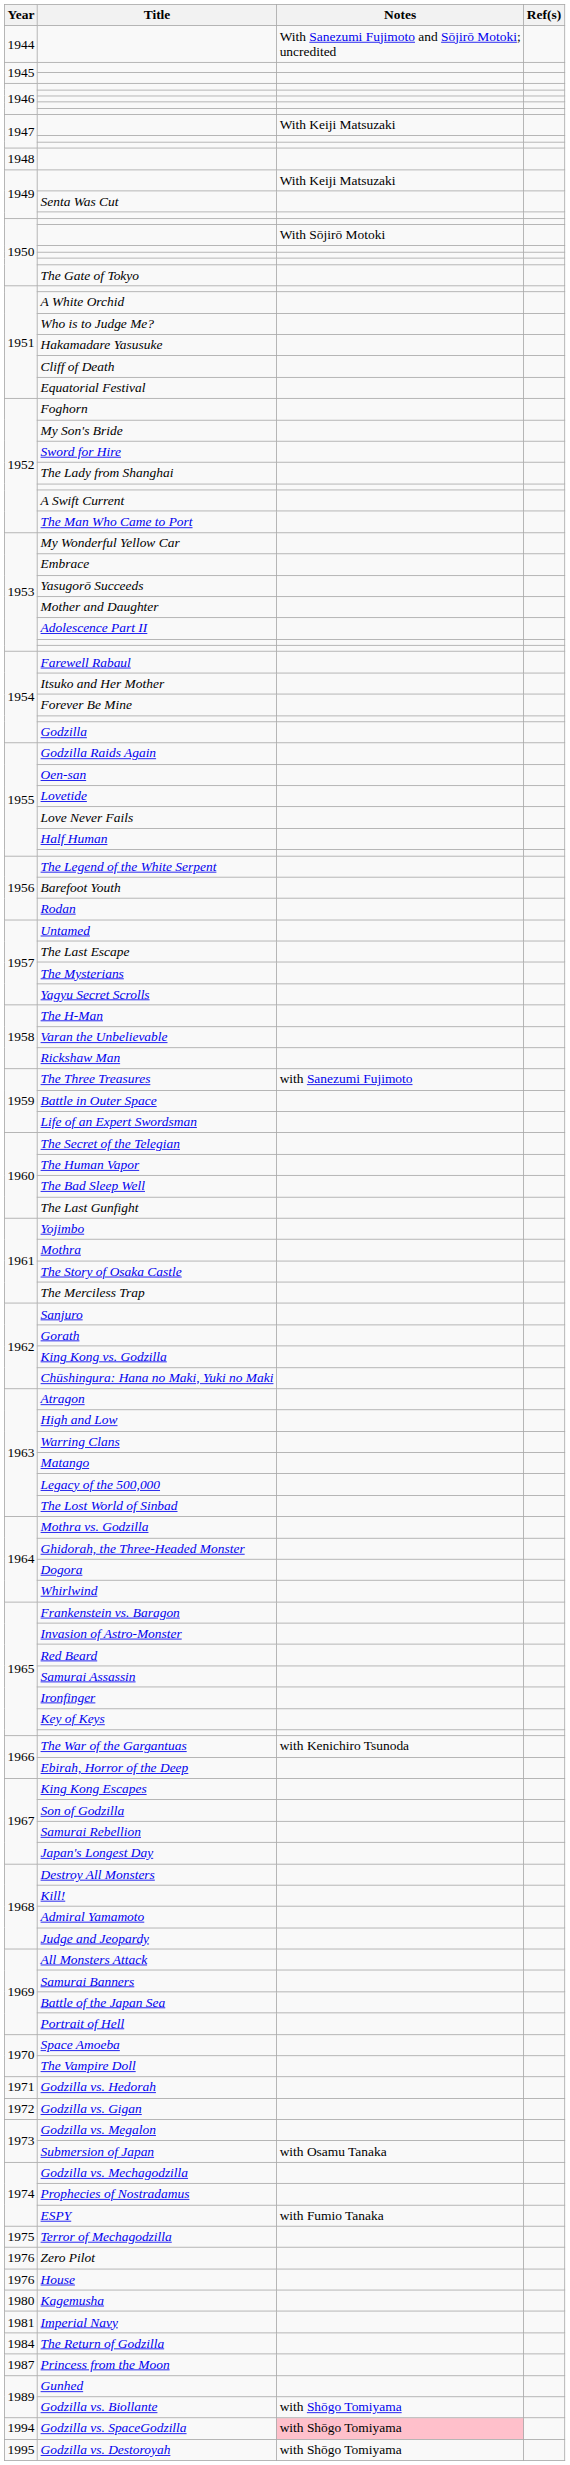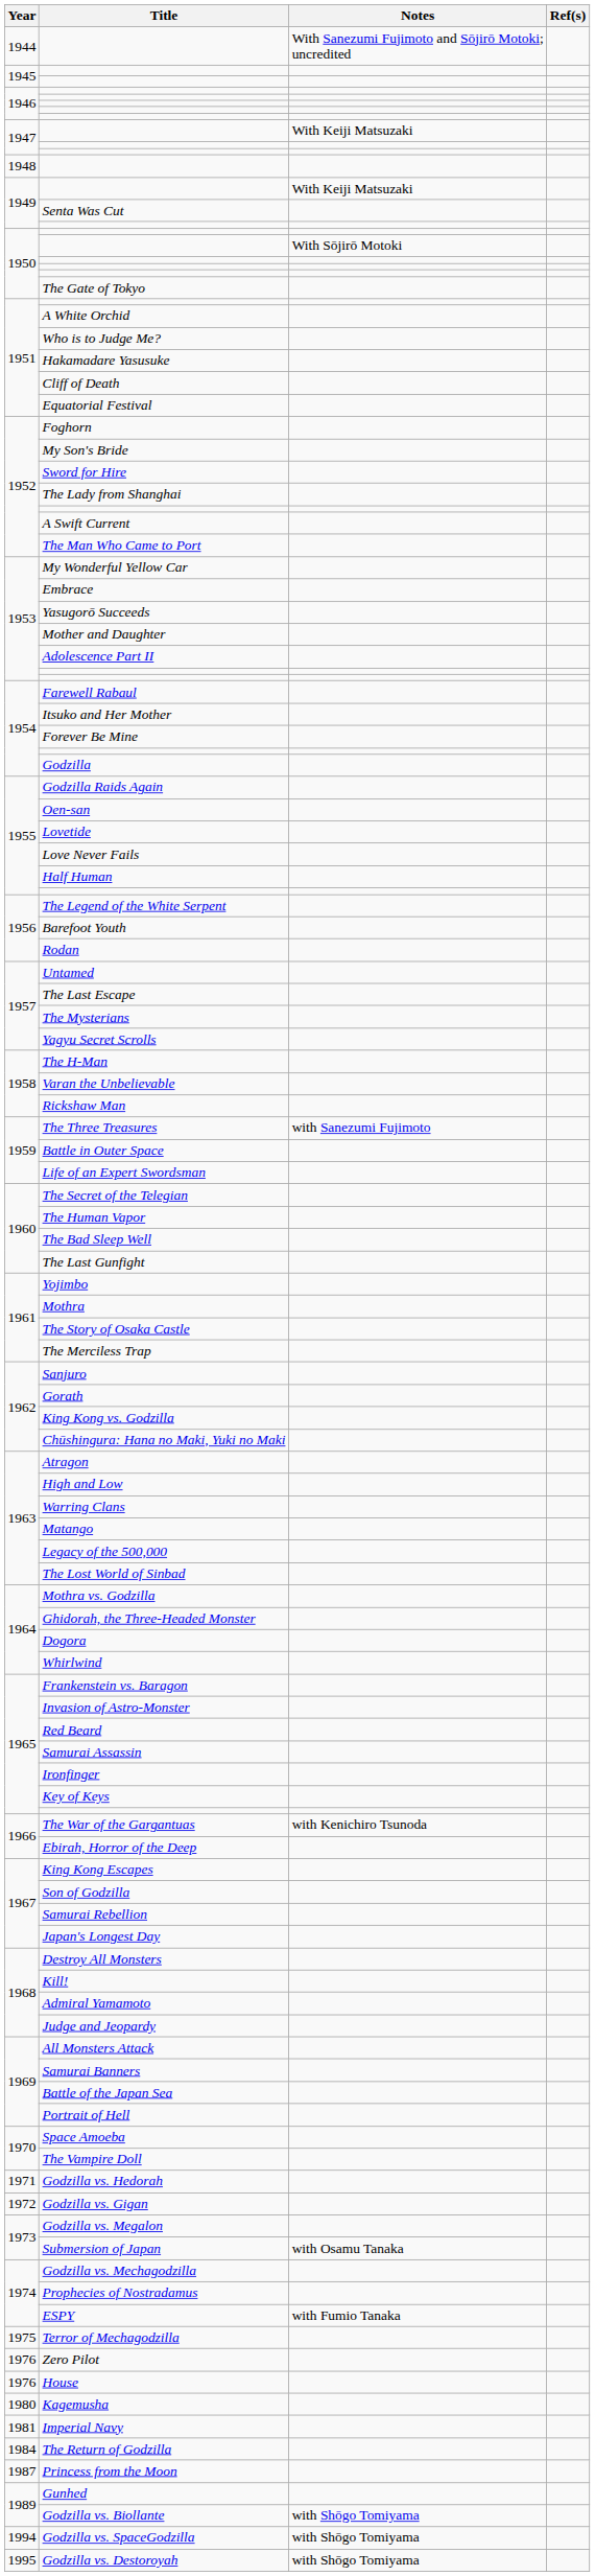 <table class="wikitable" border="1" style="font-size: 100%;">
 <tr>
 <th>Year</th>
 <th>Title</th>
 <th>Notes</th>
 <th>Ref(s)</th>
 </tr>
 <tr>
 <td>1944</td>
 <td></td>
 <td>With <a href='#'>Sanezumi Fujimoto</a> and <a href='#'>Sōjirō Motoki</a>;<br>uncredited</td>
 <td></td>
 </tr>
 <tr>
 <td rowspan=2>1945</td>
 <td></td>
 <td></td>
 <td></td>
 </tr>
 <tr>
 <td></td>
 <td></td>
 <td></td>
 </tr>
 <tr>
 <td rowspan=5>1946</td>
 <td></td>
 <td></td>
 <td></td>
 </tr>
 <tr>
 <td></td>
 <td></td>
 <td></td>
 </tr>
 <tr>
 <td></td>
 <td></td>
 <td></td>
 </tr>
 <tr>
 <td></td>
 <td></td>
 <td></td>
 </tr>
 <tr>
 <td></td>
 <td></td>
 <td></td>
 </tr>
 <tr>
 <td rowspan=3>1947</td>
 <td></td>
 <td>With Keiji Matsuzaki</td>
 <td></td>
 </tr>
 <tr>
 <td></td>
 <td></td>
 <td></td>
 </tr>
 <tr>
 <td></td>
 <td></td>
 <td></td>
 </tr>
 <tr>
 <td>1948</td>
 <td></td>
 <td></td>
 <td></td>
 </tr>
 <tr>
 <td rowspan="3">1949</td>
 <td></td>
 <td>With Keiji Matsuzaki</td>
 <td></td>
 </tr>
 <tr>
 <td><em>Senta Was Cut</em></td>
 <td></td>
 <td></td>
 </tr>
 <tr>
 <td></td>
 <td></td>
 <td></td>
 </tr>
 <tr>
 <td rowspan="6">1950</td>
 <td></td>
 <td></td>
 <td></td>
 </tr>
 <tr>
 <td></td>
 <td>With Sōjirō Motoki</td>
 <td></td>
 </tr>
 <tr>
 <td></td>
 <td></td>
 <td></td>
 </tr>
 <tr>
 <td></td>
 <td></td>
 <td></td>
 </tr>
 <tr>
 <td></td>
 <td></td>
 <td></td>
 </tr>
 <tr>
 <td><em>The Gate of Tokyo</em></td>
 <td></td>
 <td></td>
 </tr>
 <tr>
 <td rowspan=6>1951</td>
 <td><em></em></td>
 <td></td>
 <td></td>
 </tr>
 <tr>
 <td><em>A White Orchid</em></td>
 <td></td>
 <td></td>
 </tr>
 <tr>
 <td><em>Who is to Judge Me?</em></td>
 <td></td>
 <td></td>
 </tr>
 <tr>
 <td><em>Hakamadare Yasusuke</em></td>
 <td></td>
 <td></td>
 </tr>
 <tr>
 <td><em>Cliff of Death</em></td>
 <td></td>
 <td></td>
 </tr>
 <tr>
 <td><em>Equatorial Festival</em></td>
 <td></td>
 <td></td>
 </tr>
 <tr>
 <td rowspan=7>1952</td>
 <td><em>Foghorn</em></td>
 <td></td>
 <td></td>
 </tr>
 <tr>
 <td><em>My Son's Bride</em></td>
 <td></td>
 <td></td>
 </tr>
 <tr>
 <td><em><a href='#'>Sword for Hire</a></em></td>
 <td></td>
 <td></td>
 </tr>
 <tr>
 <td><em>The Lady from Shanghai</em></td>
 <td></td>
 <td></td>
 </tr>
 <tr>
 <td><em></em></td>
 <td></td>
 <td></td>
 </tr>
 <tr>
 <td><em>A Swift Current</em></td>
 <td></td>
 <td></td>
 </tr>
 <tr>
 <td><em><a href='#'>The Man Who Came to Port</a></em></td>
 <td></td>
 <td></td>
 </tr>
 <tr>
 <td rowspan=7>1953</td>
 <td><em>My Wonderful Yellow Car</em></td>
 <td></td>
 <td></td>
 </tr>
 <tr>
 <td><em>Embrace</em></td>
 <td></td>
 <td></td>
 </tr>
 <tr>
 <td><em>Yasugorō Succeeds</em></td>
 <td></td>
 <td></td>
 </tr>
 <tr>
 <td><em>Mother and Daughter</em></td>
 <td></td>
 <td></td>
 </tr>
 <tr>
 <td><em><a href='#'>Adolescence Part II</a></em></td>
 <td></td>
 <td></td>
 </tr>
 <tr>
 <td><em></em></td>
 <td></td>
 <td></td>
 </tr>
 <tr>
 <td><em></em></td>
 <td></td>
 <td></td>
 </tr>
 <tr>
 <td rowspan=5>1954</td>
 <td><em><a href='#'>Farewell Rabaul</a></em></td>
 <td></td>
 <td></td>
 </tr>
 <tr>
 <td><em>Itsuko and Her Mother</em></td>
 <td></td>
 <td></td>
 </tr>
 <tr>
 <td><em>Forever Be Mine</em></td>
 <td></td>
 <td></td>
 </tr>
 <tr>
 <td><em></em></td>
 <td></td>
 <td></td>
 </tr>
 <tr>
 <td><a href='#'><em>Godzilla</em></a></td>
 <td></td>
 <td></td>
 </tr>
 <tr>
 <td rowspan="6">1955</td>
 <td><em><a href='#'>Godzilla Raids Again</a></em></td>
 <td></td>
 <td></td>
 </tr>
 <tr>
 <td><em><a href='#'>Oen-san</a></em></td>
 <td></td>
 <td></td>
 </tr>
 <tr>
 <td><em><a href='#'>Lovetide</a></em></td>
 <td></td>
 <td></td>
 </tr>
 <tr>
 <td><em>Love Never Fails</em></td>
 <td></td>
 <td></td>
 </tr>
 <tr>
 <td><em><a href='#'>Half Human</a></em></td>
 <td></td>
 <td></td>
 </tr>
 <tr>
 <td><em></em></td>
 <td></td>
 <td></td>
 </tr>
 <tr>
 <td rowspan="3">1956</td>
 <td><em><a href='#'>The Legend of the White Serpent</a></em></td>
 <td></td>
 <td></td>
 </tr>
 <tr>
 <td><em>Barefoot Youth</em></td>
 <td></td>
 <td></td>
 </tr>
 <tr>
 <td><em><a href='#'>Rodan</a></em></td>
 <td></td>
 <td></td>
 </tr>
 <tr>
 <td rowspan=4>1957</td>
 <td><a href='#'><em>Untamed</em></a></td>
 <td></td>
 <td></td>
 </tr>
 <tr>
 <td><em>The Last Escape</em></td>
 <td></td>
 <td></td>
 </tr>
 <tr>
 <td><em><a href='#'>The Mysterians</a></em></td>
 <td></td>
 <td></td>
 </tr>
 <tr>
 <td><em><a href='#'>Yagyu Secret Scrolls</a></em></td>
 <td></td>
 <td></td>
 </tr>
 <tr>
 <td rowspan=3>1958</td>
 <td><em><a href='#'>The H-Man</a></em></td>
 <td></td>
 <td></td>
 </tr>
 <tr>
 <td><em><a href='#'>Varan the Unbelievable</a></em></td>
 <td></td>
 <td></td>
 </tr>
 <tr>
 <td><em><a href='#'>Rickshaw Man</a></em></td>
 <td></td>
 <td></td>
 </tr>
 <tr>
 <td rowspan=3>1959</td>
 <td><em><a href='#'>The Three Treasures</a></em></td>
 <td>with <a href='#'>Sanezumi Fujimoto</a></td>
 <td></td>
 </tr>
 <tr>
 <td><em><a href='#'>Battle in Outer Space</a></em></td>
 <td></td>
 <td></td>
 </tr>
 <tr>
 <td><em><a href='#'>Life of an Expert Swordsman</a></em></td>
 <td></td>
 <td></td>
 </tr>
 <tr>
 <td rowspan=4>1960</td>
 <td><em><a href='#'>The Secret of the Telegian</a></em></td>
 <td></td>
 <td></td>
 </tr>
 <tr>
 <td><em><a href='#'>The Human Vapor</a></em></td>
 <td></td>
 <td></td>
 </tr>
 <tr>
 <td><em><a href='#'>The Bad Sleep Well</a></em></td>
 <td></td>
 <td></td>
 </tr>
 <tr>
 <td><em>The Last Gunfight</em></td>
 <td></td>
 <td></td>
 </tr>
 <tr>
 <td rowspan=4>1961</td>
 <td><em><a href='#'>Yojimbo</a></em></td>
 <td></td>
 <td></td>
 </tr>
 <tr>
 <td><em><a href='#'>Mothra</a></em></td>
 <td></td>
 <td></td>
 </tr>
 <tr>
 <td><em><a href='#'>The Story of Osaka Castle</a></em></td>
 <td></td>
 <td></td>
 </tr>
 <tr>
 <td><em>The Merciless Trap</em></td>
 <td></td>
 <td></td>
 </tr>
 <tr>
 <td rowspan=4>1962</td>
 <td><em><a href='#'>Sanjuro</a></em></td>
 <td></td>
 <td></td>
 </tr>
 <tr>
 <td><em><a href='#'>Gorath</a></em></td>
 <td></td>
 <td></td>
 </tr>
 <tr>
 <td><em><a href='#'>King Kong vs. Godzilla</a></em></td>
 <td></td>
 <td></td>
 </tr>
 <tr>
 <td><em><a href='#'>Chūshingura: Hana no Maki, Yuki no Maki</a></em></td>
 <td></td>
 <td></td>
 </tr>
 <tr>
 <td rowspan=6>1963</td>
 <td><em><a href='#'>Atragon</a></em></td>
 <td></td>
 <td></td>
 </tr>
 <tr>
 <td><em><a href='#'>High and Low</a></em></td>
 <td></td>
 <td></td>
 </tr>
 <tr>
 <td><em><a href='#'>Warring Clans</a></em></td>
 <td></td>
 <td></td>
 </tr>
 <tr>
 <td><em><a href='#'>Matango</a></em></td>
 <td></td>
 <td></td>
 </tr>
 <tr>
 <td><em><a href='#'>Legacy of the 500,000</a></em></td>
 <td></td>
 <td></td>
 </tr>
 <tr>
 <td><em><a href='#'>The Lost World of Sinbad</a></em></td>
 <td></td>
 <td></td>
 </tr>
 <tr>
 <td rowspan=4>1964</td>
 <td><em><a href='#'>Mothra vs. Godzilla</a></em></td>
 <td></td>
 <td></td>
 </tr>
 <tr>
 <td><em><a href='#'>Ghidorah, the Three-Headed Monster</a></em></td>
 <td></td>
 <td></td>
 </tr>
 <tr>
 <td><em><a href='#'>Dogora</a></em></td>
 <td></td>
 <td></td>
 </tr>
 <tr>
 <td><em><a href='#'>Whirlwind</a></em></td>
 <td></td>
 <td></td>
 </tr>
 <tr>
 <td rowspan=7>1965</td>
 <td><em><a href='#'>Frankenstein vs. Baragon</a></em></td>
 <td></td>
 <td></td>
 </tr>
 <tr>
 <td><em><a href='#'>Invasion of Astro-Monster</a></em></td>
 <td></td>
 <td></td>
 </tr>
 <tr>
 <td><em><a href='#'>Red Beard</a></em></td>
 <td></td>
 <td></td>
 </tr>
 <tr>
 <td><em><a href='#'>Samurai Assassin</a></em></td>
 <td></td>
 <td></td>
 </tr>
 <tr>
 <td><em><a href='#'>Ironfinger</a></em></td>
 <td></td>
 <td></td>
 </tr>
 <tr>
 <td><em><a href='#'>Key of Keys</a></em></td>
 <td></td>
 <td></td>
 </tr>
 <tr>
 <td><em></em></td>
 <td></td>
 <td></td>
 </tr>
 <tr>
 <td rowspan=2>1966</td>
 <td><em><a href='#'>The War of the Gargantuas</a></em></td>
 <td>with Kenichiro Tsunoda</td>
 <td></td>
 </tr>
 <tr>
 <td><em><a href='#'>Ebirah, Horror of the Deep</a></em></td>
 <td></td>
 <td></td>
 </tr>
 <tr>
 <td rowspan=4>1967</td>
 <td><em><a href='#'>King Kong Escapes</a></em></td>
 <td></td>
 <td></td>
 </tr>
 <tr>
 <td><em><a href='#'>Son of Godzilla</a></em></td>
 <td></td>
 <td></td>
 </tr>
 <tr>
 <td><em><a href='#'>Samurai Rebellion</a></em></td>
 <td></td>
 <td></td>
 </tr>
 <tr>
 <td><em><a href='#'>Japan's Longest Day</a></em></td>
 <td></td>
 <td></td>
 </tr>
 <tr>
 <td rowspan=4>1968</td>
 <td><em><a href='#'>Destroy All Monsters</a></em></td>
 <td></td>
 <td></td>
 </tr>
 <tr>
 <td><em><a href='#'>Kill!</a></em></td>
 <td></td>
 <td></td>
 </tr>
 <tr>
 <td><em><a href='#'>Admiral Yamamoto</a></em></td>
 <td></td>
 <td></td>
 </tr>
 <tr>
 <td><em><a href='#'>Judge and Jeopardy</a></em></td>
 <td></td>
 <td></td>
 </tr>
 <tr>
 <td rowspan=4>1969</td>
 <td><em><a href='#'>All Monsters Attack</a></em></td>
 <td></td>
 <td></td>
 </tr>
 <tr>
 <td><em><a href='#'>Samurai Banners</a></em></td>
 <td></td>
 <td></td>
 </tr>
 <tr>
 <td><em><a href='#'>Battle of the Japan Sea</a></em></td>
 <td></td>
 <td></td>
 </tr>
 <tr>
 <td><em><a href='#'>Portrait of Hell</a></em></td>
 <td></td>
 <td></td>
 </tr>
 <tr>
 <td rowspan=2>1970</td>
 <td><em><a href='#'>Space Amoeba</a></em></td>
 <td></td>
 <td></td>
 </tr>
 <tr>
 <td><em><a href='#'>The Vampire Doll</a></em></td>
 <td></td>
 <td></td>
 </tr>
 <tr>
 <td>1971</td>
 <td><em><a href='#'>Godzilla vs. Hedorah</a></em></td>
 <td></td>
 <td></td>
 </tr>
 <tr>
 <td>1972</td>
 <td><em><a href='#'>Godzilla vs. Gigan</a></em></td>
 <td></td>
 <td></td>
 </tr>
 <tr>
 <td rowspan=2>1973</td>
 <td><em><a href='#'>Godzilla vs. Megalon</a></em></td>
 <td></td>
 <td></td>
 </tr>
 <tr>
 <td><em><a href='#'>Submersion of Japan</a></em></td>
 <td>with Osamu Tanaka</td>
 <td></td>
 </tr>
 <tr>
 <td rowspan=3>1974</td>
 <td><em><a href='#'>Godzilla vs. Mechagodzilla</a></em></td>
 <td></td>
 <td></td>
 </tr>
 <tr>
 <td><em><a href='#'>Prophecies of Nostradamus</a></em></td>
 <td></td>
 <td></td>
 </tr>
 <tr>
 <td><em><a href='#'>ESPY</a></em></td>
 <td>with Fumio Tanaka</td>
 <td></td>
 </tr>
 <tr>
 <td>1975</td>
 <td><em><a href='#'>Terror of Mechagodzilla</a></em></td>
 <td></td>
 <td></td>
 </tr>
 <tr>
 <td>1976</td>
 <td><em>Zero Pilot</em></td>
 <td></td>
 <td></td>
 </tr>
 <tr>
 <td>1976</td>
 <td><em><a href='#'>House</a></em></td>
 <td></td>
 <td></td>
 </tr>
 <tr>
 <td>1980</td>
 <td><em><a href='#'>Kagemusha</a></em></td>
 <td></td>
 <td></td>
 </tr>
 <tr>
 <td>1981</td>
 <td><em><a href='#'>Imperial Navy</a></em></td>
 <td></td>
 <td></td>
 </tr>
 <tr>
 <td>1984</td>
 <td><em><a href='#'>The Return of Godzilla</a></em></td>
 <td></td>
 <td></td>
 </tr>
 <tr>
 <td>1987</td>
 <td><em><a href='#'>Princess from the Moon</a></em></td>
 <td></td>
 <td></td>
 </tr>
 <tr>
 <td rowspan=2>1989</td>
 <td><em><a href='#'>Gunhed</a></em></td>
 <td></td>
 <td></td>
 </tr>
 <tr>
 <td><em><a href='#'>Godzilla vs. Biollante</a></em></td>
 <td>with <a href='#'>Shōgo Tomiyama</a></td>
 <td></td>
 </tr>
 <tr>
 <td>1994</td>
 <td><em><a href='#'>Godzilla vs. SpaceGodzilla</a></em></td>
-<td style="background: pink;">with Shōgo Tomiyama</td>
+<td>with Shōgo Tomiyama</td>
 <td></td>
 </tr>
 <tr>
 <td>1995</td>
 <td><em><a href='#'>Godzilla vs. Destoroyah</a></em></td>
 <td>with Shōgo Tomiyama</td>
 <td></td>
 </tr>
 </table>
